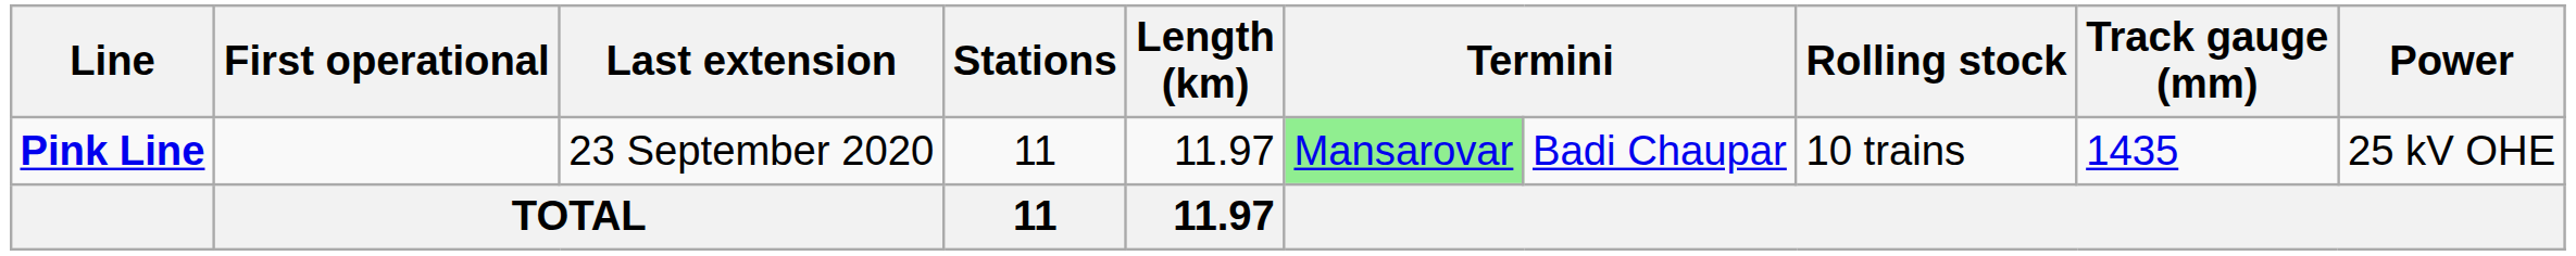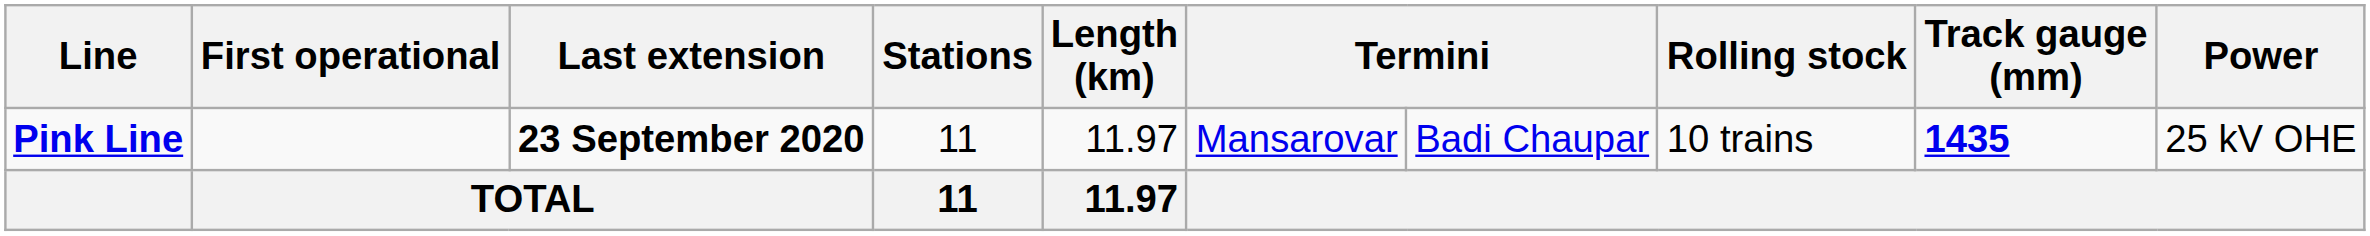 <table class="wikitable" style="margin:auto;">
 <tr>
 <th>Line</th>
 <th>First operational</th>
 <th>Last extension</th>
 <th>Stations</th>
 <th>Length<br>(km)</th>
 <th colspan="2">Termini</th>
 <th>Rolling stock</th>
 <th>Track gauge<br>(mm)</th>
 <th>Power</th>
 </tr>
 <tr>
 <td style="background:#"><a href='#'><span><strong>Pink Line</strong></span></a></td>
 <td></td>
-<td>23 September 2020</td>
+<td><strong>23 September 2020</strong></td>
 <td style="text-align:center;">11</td>
 <td style="text-align:right;">11.97</td>
-<td style="background: lightgreen;"><a href='#'>Mansarovar</a></td>
+<td><a href='#'>Mansarovar</a></td>
 <td><a href='#'>Badi Chaupar</a></td>
 <td>10 trains</td>
-<td><a href='#'>1435</a></td>
+<td><strong><a href='#'>1435</a></strong></td>
 <td>25 kV OHE</td>
 </tr>
 <tr>
 <th></th>
 <th colspan="2">TOTAL</th>
 <th style="text-align:center;">11</th>
 <th style="text-align:right;">11.97</th>
 <th colspan="5"></th>
 </tr>
 </table>
